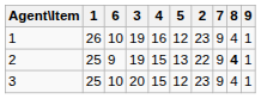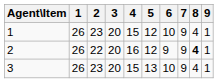 <table class="wikitable">
 <tr>
 <th>Agent\Item</th>
 <th>1</th>
-<th>6</th>
+<th>2</th>
 <th>3</th>
 <th>4</th>
 <th>5</th>
-<th>2</th>
+<th>6</th>
 <th>7</th>
 <th>8</th>
 <th>9</th>
 </tr>
 <tr>
 <td>1</td>
 <td>26</td>
+<td>23</td>
+<td>20</td>
+<td>15</td>
+<td>12</td>
 <td>10</td>
-<td>19</td>
-<td>16</td>
-<td>12</td>
-<td>23</td>
 <td>9</td>
 <td>4</td>
 <td>1</td>
 </tr>
 <tr>
 <td>2</td>
-<td>25</td>
+<td>26</td>
+<td>22</td>
+<td>20</td>
+<td>16</td>
+<td>12</td>
 <td>9</td>
-<td>19</td>
-<td>15</td>
-<td>13</td>
-<td>22</td>
 <td>9</td>
 <td><strong>4</strong></td>
 <td>1</td>
 </tr>
 <tr>
 <td>3</td>
-<td>25</td>
-<td>10</td>
+<td>26</td>
+<td>23</td>
 <td>20</td>
 <td>15</td>
-<td>12</td>
-<td>23</td>
+<td>13</td>
+<td>10</td>
 <td>9</td>
 <td>4</td>
 <td>1</td>
 </tr>
 </table>
